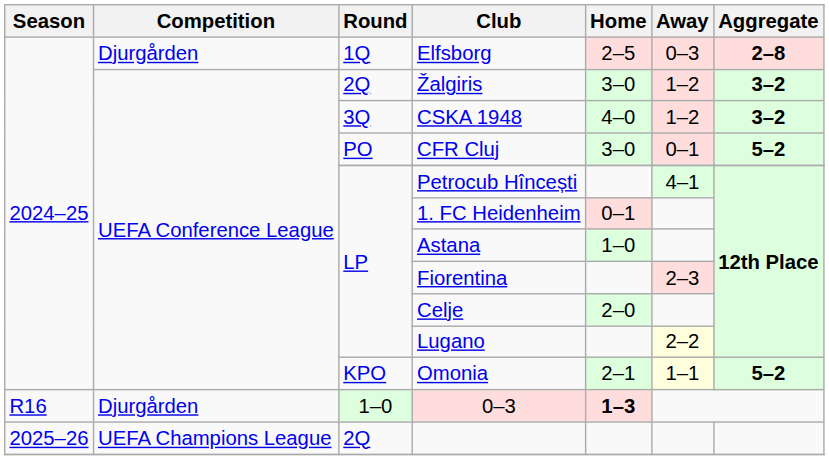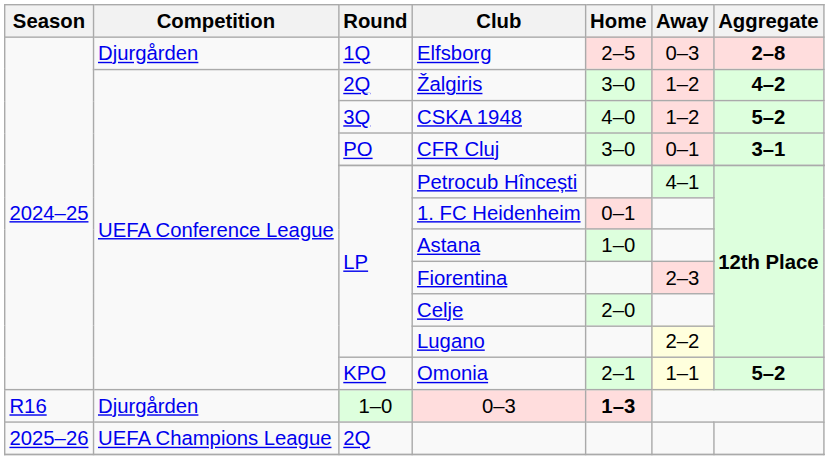 <table class="wikitable" align=center cellspacing="0" cellpadding="3" style="border:1px solid #AAAAAA;font-size:90%">
 <tr>
 <th>Season</th>
 <th>Competition</th>
 <th>Round</th>
 <th>Club</th>
 <th>Home</th>
 <th>Away</th>
 <th>Aggregate</th>
 </tr>
 <tr>
 <td rowspan="12"><a href='#'>2024–25</a></td>
 <td> <a href='#'>Djurgården</a></td>
 <td><a href='#'>1Q</a></td>
 <td> <a href='#'>Elfsborg</a></td>
 <td style="text-align:center; background:#fdd;">2–5</td>
 <td style="text-align:center; background:#fdd;">0–3</td>
 <td style="text-align:center; background:#fdd;"><strong>2–8</strong></td>
 </tr>
 <tr>
 <td rowspan="11"><a href='#'>UEFA Conference League</a></td>
 <td><a href='#'>2Q</a></td>
 <td> <a href='#'>Žalgiris</a></td>
 <td style="text-align:center; background:#dfd;">3–0 </td>
 <td style="text-align:center; background:#fdd;">1–2</td>
-<td style="text-align:center; background:#dfd;"><strong>3–2</strong></td>
+<td style="text-align:center; background:#dfd;"><strong>4–2</strong></td>
 </tr>
 <tr>
 <td><a href='#'>3Q</a></td>
 <td> <a href='#'>CSKA 1948</a></td>
 <td style="text-align:center; background:#dfd;">4–0 </td>
 <td style="text-align:center; background:#fdd;">1–2</td>
-<td style="text-align:center; background:#dfd;"><strong>3–2</strong></td>
+<td style="text-align:center; background:#dfd;"><strong>5–2</strong></td>
 </tr>
 <tr>
 <td><a href='#'>PO</a></td>
 <td> <a href='#'>CFR Cluj</a></td>
 <td style="text-align:center; background:#dfd;">3–0</td>
 <td style="text-align:center; background:#fdd;">0–1</td>
-<td style="text-align:center; background:#dfd;"><strong>5–2</strong></td>
+<td style="text-align:center; background:#dfd;"><strong>3–1</strong></td>
 </tr>
 <tr>
 </tr>
 <tr>
 <td rowspan=6><a href='#'>LP</a></td>
 <td align="left"> <a href='#'>Petrocub Hîncești</a></td>
 <td></td>
 <td style="text-align:center; background:#dfd;">4–1</td>
 <td rowspan=6 style="text-align:center; background:#dfd;"><strong>12th Place</strong></td>
 </tr>
 <tr>
 <td align="left"> <a href='#'>1. FC Heidenheim</a></td>
 <td style="text-align:center; background:#fdd;">0–1</td>
 <td></td>
 </tr>
 <tr>
 <td align="left"> <a href='#'>Astana</a></td>
 <td style="text-align:center; background:#dfd;">1–0</td>
 <td></td>
 </tr>
 <tr>
 <td align="left"> <a href='#'>Fiorentina</a></td>
 <td></td>
 <td style="text-align:center; background:#fdd;">2–3</td>
 </tr>
 <tr>
 <td align="left"> <a href='#'>Celje</a></td>
 <td style="text-align:center; background:#dfd;">2–0</td>
 <td></td>
 </tr>
 <tr>
 <td align="left"> <a href='#'>Lugano</a></td>
 <td></td>
 <td style="text-align:center; background:#ffffdd;">2–2</td>
 </tr>
 <tr>
 <td><a href='#'>KPO</a></td>
 <td> <a href='#'>Omonia</a></td>
 <td style="text-align:center; background:#dfd;">2–1</td>
 <td style="text-align:center; background:#ffffdd;">1–1</td>
 <td style="text-align:center; background:#dfd;"><strong>5–2</strong></td>
 </tr>
 <tr>
 <td><a href='#'>R16</a></td>
 <td> <a href='#'>Djurgården</a></td>
 <td style="text-align:center; background:#dfd;">1–0</td>
 <td style="text-align:center; background:#fdd;">0–3</td>
 <td style="text-align:center; background:#fdd;"><strong>1–3</strong></td>
 </tr>
 <tr>
 <td><a href='#'>2025–26</a></td>
 <td><a href='#'>UEFA Champions League</a></td>
 <td><a href='#'>2Q</a></td>
 <td></td>
 <td style="text-align:center;"></td>
 <td style="text-align:center;"></td>
 <td style="text-align:center;"></td>
 </tr>
 <tr>
 </tr>
 </table>
